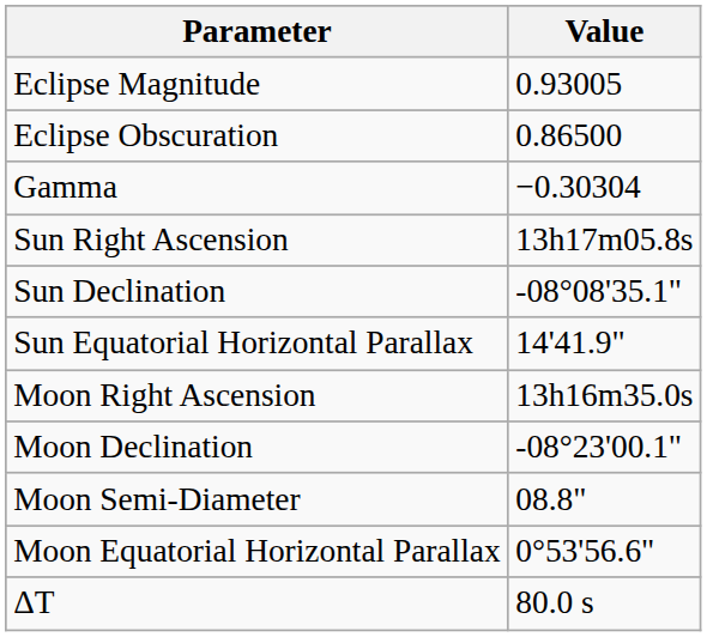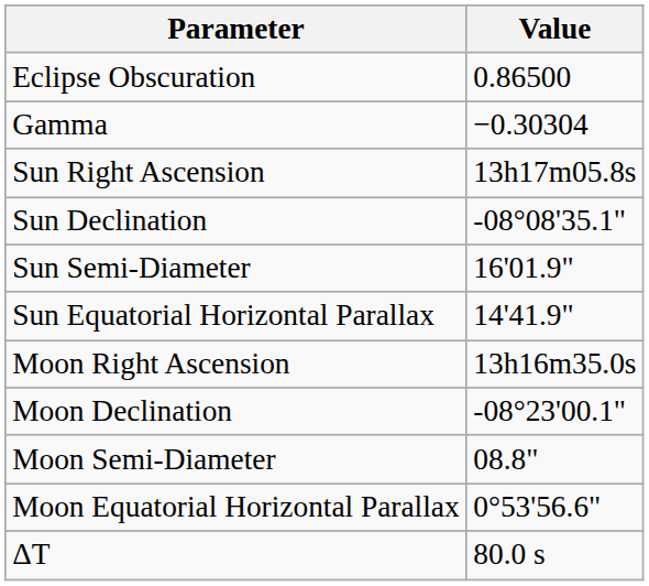 <table class="wikitable">
 <tr>
 <th>Parameter</th>
 <th>Value</th>
-</tr>
-<tr>
-<td>Eclipse Magnitude</td>
-<td>0.93005</td>
 </tr>
 <tr>
 <td>Eclipse Obscuration</td>
 <td>0.86500</td>
 </tr>
 <tr>
 <td>Gamma</td>
 <td>−0.30304</td>
 </tr>
 <tr>
 <td>Sun Right Ascension</td>
 <td>13h17m05.8s</td>
 </tr>
 <tr>
 <td>Sun Declination</td>
 <td>-08°08'35.1"</td>
+</tr>
+<tr>
+<td>Sun Semi-Diameter</td>
+<td>16'01.9"</td>
 </tr>
 <tr>
 <td>Sun Equatorial Horizontal Parallax</td>
 <td>14'41.9"</td>
 </tr>
 <tr>
 <td>Moon Right Ascension</td>
 <td>13h16m35.0s</td>
 </tr>
 <tr>
 <td>Moon Declination</td>
 <td>-08°23'00.1"</td>
 </tr>
 <tr>
 <td>Moon Semi-Diameter</td>
 <td>08.8"</td>
 </tr>
 <tr>
 <td>Moon Equatorial Horizontal Parallax</td>
 <td>0°53'56.6"</td>
 </tr>
 <tr>
 <td>ΔT</td>
 <td>80.0 s</td>
 </tr>
 </table>
